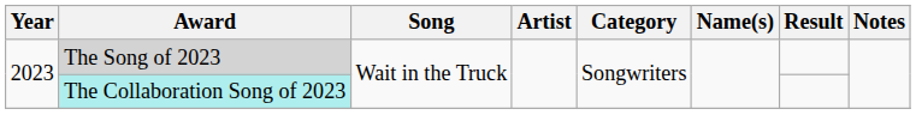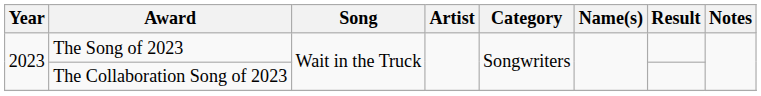 <table class="wikitable">
 <tr>
 <th>Year</th>
 <th>Award</th>
 <th>Song</th>
 <th>Artist</th>
 <th>Category</th>
 <th>Name(s)</th>
 <th>Result</th>
 <th>Notes</th>
 </tr>
 <tr>
 <td rowspan="2">2023</td>
-<td style="background: lightgrey;">The Song of 2023</td>
+<td>The Song of 2023</td>
 <td rowspan="2">Wait in the Truck</td>
 <td rowspan="2"></td>
 <td rowspan="2">Songwriters</td>
 <td rowspan="2"></td>
 <td></td>
 <td rowspan="2"></td>
 </tr>
 <tr>
-<td style="background: paleturquoise;">The Collaboration Song of 2023</td>
+<td>The Collaboration Song of 2023</td>
 <td></td>
 </tr>
 <tr>
 </tr>
 </table>
